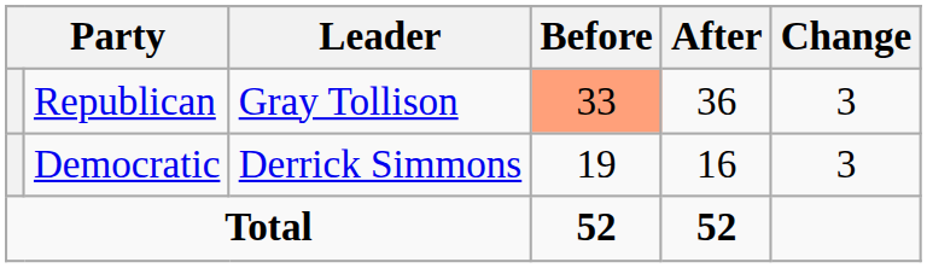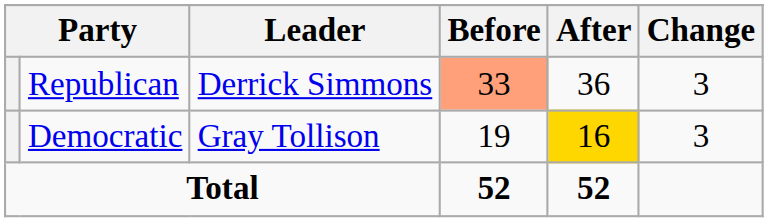 <table class="wikitable" style="text-align:center;">
 <tr>
 </tr>
 <tr>
 <th colspan=2>Party</th>
 <th>Leader</th>
 <th>Before</th>
 <th>After</th>
 <th>Change</th>
 </tr>
 <tr>
 <th style="background-color:"></th>
 <td style="text-align:left;"><a href='#'>Republican</a></td>
-<td style="text-align:left;"><a href='#'>Gray Tollison</a></td>
+<td style="text-align:left;"><a href='#'>Derrick Simmons</a></td>
 <td style="background: lightsalmon;">33</td>
 <td>36</td>
 <td> 3</td>
 </tr>
 <tr>
 <th style="background-color:"></th>
 <td style="text-align:left;"><a href='#'>Democratic</a></td>
-<td style="text-align:left;"><a href='#'>Derrick Simmons</a></td>
+<td style="text-align:left;"><a href='#'>Gray Tollison</a></td>
 <td>19</td>
-<td>16</td>
+<td style="background: gold;">16</td>
 <td> 3</td>
 </tr>
 <tr>
 <td colspan=3><strong>Total</strong></td>
 <td><strong>52</strong></td>
 <td><strong>52</strong></td>
 </tr>
 </table>
